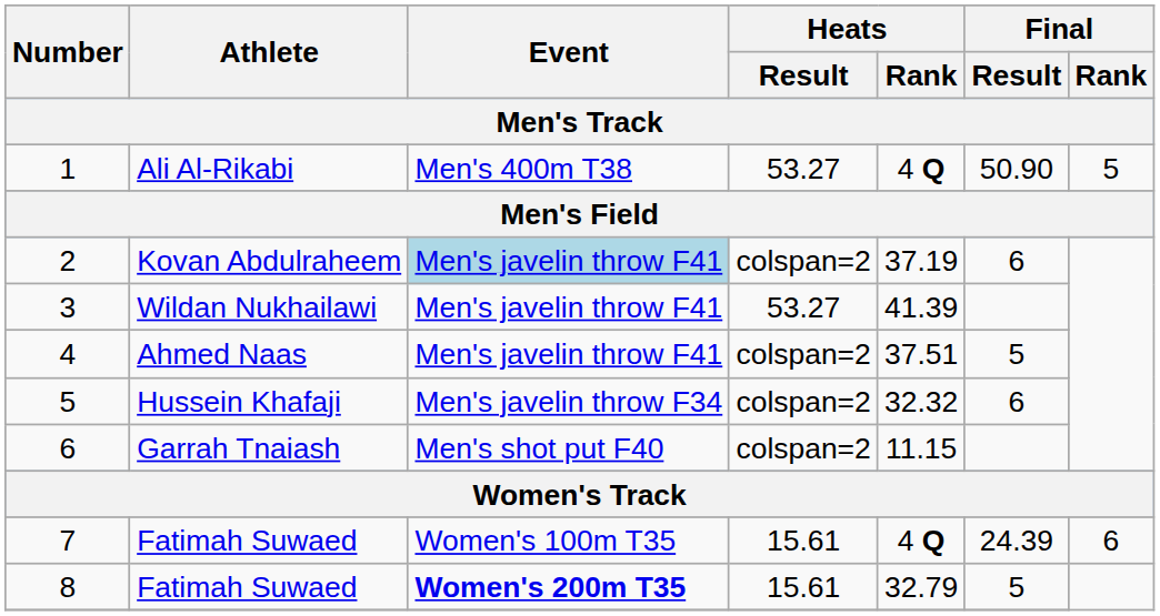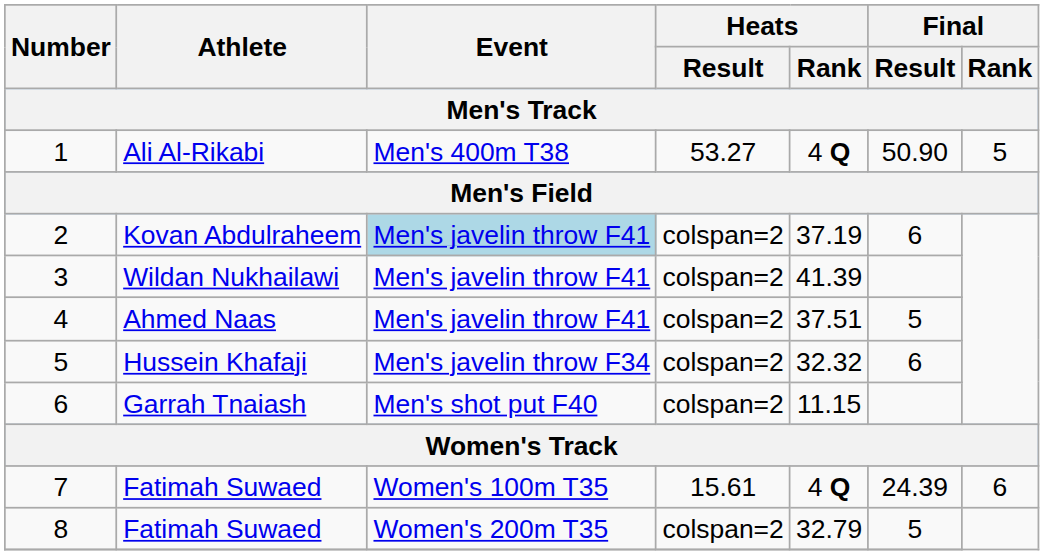 <table class=wikitable style="font-size:95%">
 <tr>
 <th rowspan="2">Number</th>
 <th rowspan="2">Athlete</th>
 <th rowspan="2">Event</th>
 <th colspan="2">Heats</th>
 <th colspan="3">Final</th>
 </tr>
 <tr>
 <th>Result</th>
 <th>Rank</th>
 <th>Result</th>
 <th>Rank</th>
 </tr>
 <tr style="background:#9acdff;">
 <th colspan=7>Men's Track</th>
 </tr>
 <tr>
 <td align=center>1</td>
 <td><a href='#'>Ali Al-Rikabi</a></td>
 <td><a href='#'>Men's 400m T38</a></td>
 <td align=center>53.27</td>
 <td align=center>4 <strong>Q</strong></td>
 <td align=center>50.90</td>
 <td align=center>5</td>
 </tr>
 <tr style="background:#9acdff;">
 <th colspan=7>Men's Field</th>
 </tr>
 <tr>
 <td align=center>2</td>
 <td><a href='#'>Kovan Abdulraheem</a></td>
 <td style="background: lightblue;"><a href='#'>Men's javelin throw F41</a></td>
 <td>colspan=2 </td>
 <td align=center>37.19</td>
 <td align=center>6</td>
 </tr>
 <tr>
 <td align=center>3</td>
 <td><a href='#'>Wildan Nukhailawi</a></td>
 <td><a href='#'>Men's javelin throw F41</a></td>
-<td align=center>53.27</td>
+<td>colspan=2 </td>
 <td align=center>41.39</td>
 <td align=center></td>
 </tr>
 <tr>
 <td align=center>4</td>
 <td><a href='#'>Ahmed Naas</a></td>
 <td><a href='#'>Men's javelin throw F41</a></td>
 <td>colspan=2 </td>
 <td align=center>37.51</td>
 <td align=center>5</td>
 </tr>
 <tr>
 <td align=center>5</td>
 <td><a href='#'>Hussein Khafaji</a></td>
 <td><a href='#'>Men's javelin throw F34</a></td>
 <td>colspan=2 </td>
 <td align=center>32.32</td>
 <td align=center>6</td>
 </tr>
 <tr>
 <td align=center>6</td>
 <td><a href='#'>Garrah Tnaiash</a></td>
 <td><a href='#'>Men's shot put F40</a></td>
 <td>colspan=2 </td>
 <td align=center>11.15</td>
 <td align=center></td>
 </tr>
 <tr style="background:#9acdff;">
 <th colspan=7>Women's Track</th>
 </tr>
 <tr>
 <td align=center>7</td>
 <td><a href='#'>Fatimah Suwaed</a></td>
 <td><a href='#'>Women's 100m T35</a></td>
 <td align=center>15.61</td>
 <td align=center>4 <strong>Q</strong></td>
 <td align=center>24.39</td>
 <td align=center>6</td>
 </tr>
 <tr>
 <td align=center>8</td>
 <td><a href='#'>Fatimah Suwaed</a></td>
-<td><strong><a href='#'>Women's 200m T35</a></strong></td>
-<td align=center>15.61</td>
+<td><a href='#'>Women's 200m T35</a></td>
+<td>colspan=2 </td>
 <td align=center>32.79</td>
 <td align=center>5</td>
 </tr>
 <tr>
 </tr>
 </table>
